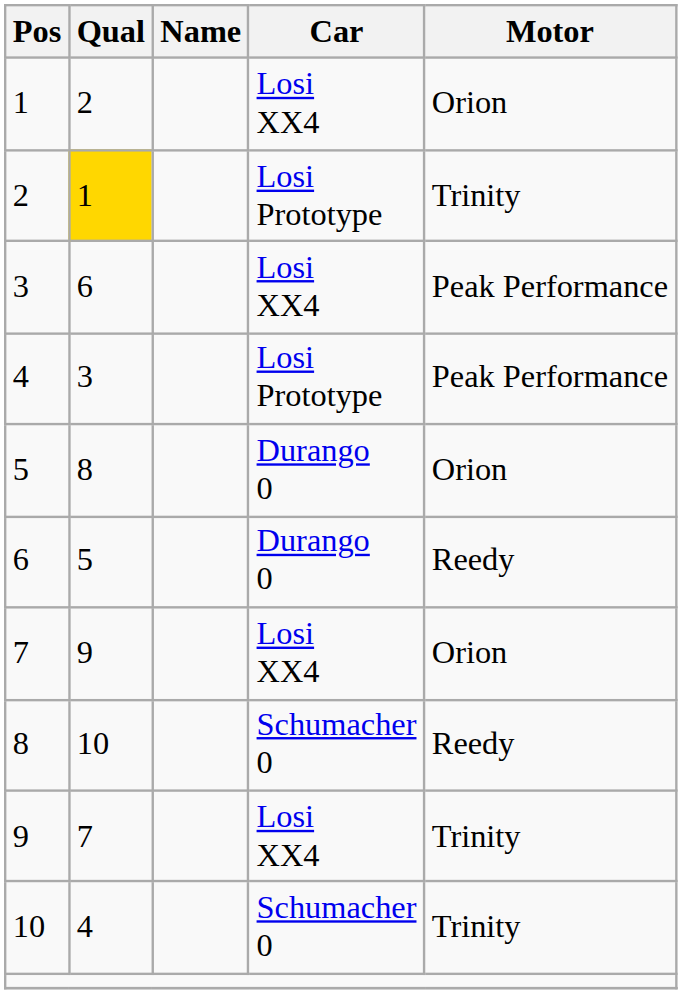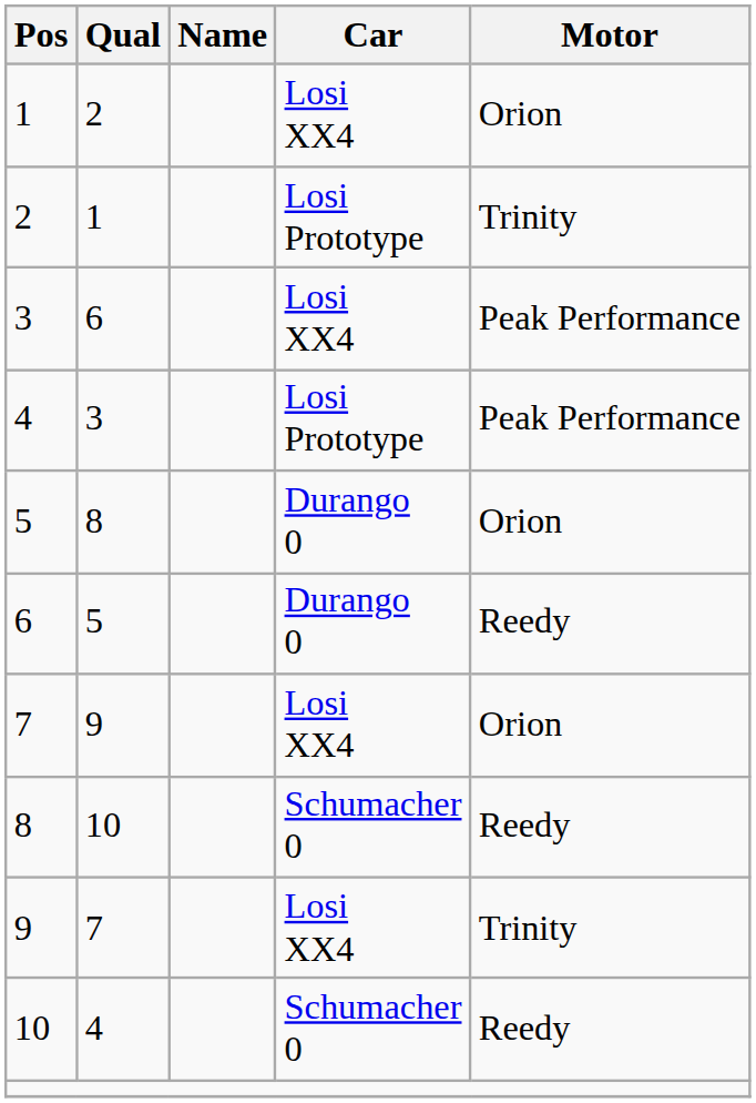 <table class="wikitable" style="font-size: 85%;">
 <tr>
 <th>Pos</th>
 <th>Qual</th>
 <th>Name</th>
 <th>Car</th>
 <th>Motor</th>
 </tr>
 <tr>
 <td>1</td>
 <td>2</td>
 <td></td>
 <td><a href='#'>Losi</a> <br> XX4</td>
 <td>Orion</td>
 </tr>
 <tr>
 <td>2</td>
-<td style="background: gold;">1</td>
+<td>1</td>
 <td></td>
 <td><a href='#'>Losi</a> <br> Prototype</td>
 <td>Trinity</td>
 </tr>
 <tr>
 <td>3</td>
 <td>6</td>
 <td></td>
 <td><a href='#'>Losi</a> <br> XX4</td>
 <td>Peak Performance</td>
 </tr>
 <tr>
 <td>4</td>
 <td>3</td>
 <td></td>
 <td><a href='#'>Losi</a> <br> Prototype</td>
 <td>Peak Performance</td>
 </tr>
 <tr>
 <td>5</td>
 <td>8</td>
 <td></td>
 <td><a href='#'>Durango</a> <br> 0</td>
 <td>Orion</td>
 </tr>
 <tr>
 <td>6</td>
 <td>5</td>
 <td></td>
 <td><a href='#'>Durango</a> <br> 0</td>
 <td>Reedy</td>
 </tr>
 <tr>
 <td>7</td>
 <td>9</td>
 <td></td>
 <td><a href='#'>Losi</a> <br> XX4</td>
 <td>Orion</td>
 </tr>
 <tr>
 <td>8</td>
 <td>10</td>
 <td></td>
 <td><a href='#'>Schumacher</a> <br> 0</td>
 <td>Reedy</td>
 </tr>
 <tr>
 <td>9</td>
 <td>7</td>
 <td></td>
 <td><a href='#'>Losi</a> <br> XX4</td>
 <td>Trinity</td>
 </tr>
 <tr>
 <td>10</td>
 <td>4</td>
 <td></td>
 <td><a href='#'>Schumacher</a> <br> 0</td>
-<td>Trinity</td>
+<td>Reedy</td>
 </tr>
 <tr>
 <td colspan="5"></td>
 </tr>
 <tr>
 </tr>
 </table>
